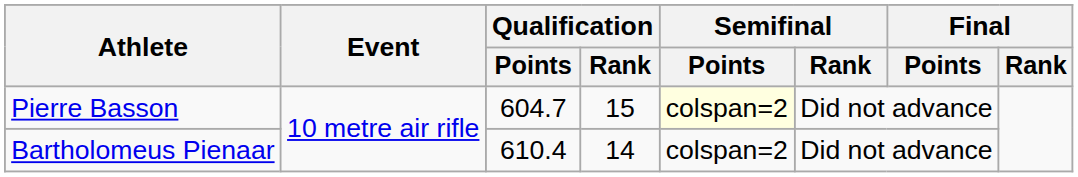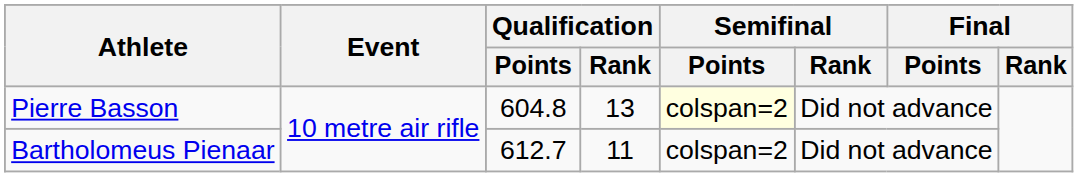 <table class="wikitable" style="font-size:90%">
 <tr>
 <th rowspan=2>Athlete</th>
 <th rowspan=2>Event</th>
 <th colspan=2>Qualification</th>
 <th colspan=2>Semifinal</th>
 <th colspan=2>Final</th>
 </tr>
 <tr style="font-size:95%">
 <th>Points</th>
 <th>Rank</th>
 <th>Points</th>
 <th>Rank</th>
 <th>Points</th>
 <th>Rank</th>
 </tr>
 <tr align=center>
 <td align=left><a href='#'>Pierre Basson</a></td>
 <td align=left rowspan=2><a href='#'>10 metre air rifle</a></td>
-<td>604.7</td>
-<td>15</td>
+<td>604.8</td>
+<td>13</td>
 <td style="background: lightyellow;">colspan=2 </td>
 <td Colspan=2>Did not advance</td>
 </tr>
 <tr align=center>
 <td align=left><a href='#'>Bartholomeus Pienaar</a></td>
-<td>610.4</td>
-<td>14</td>
+<td>612.7</td>
+<td>11</td>
 <td>colspan=2 </td>
 <td Colspan=2>Did not advance</td>
 </tr>
 </table>
